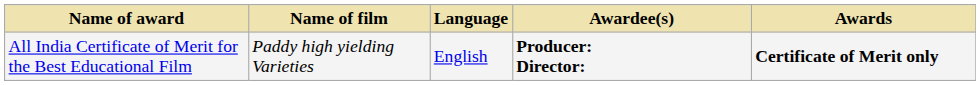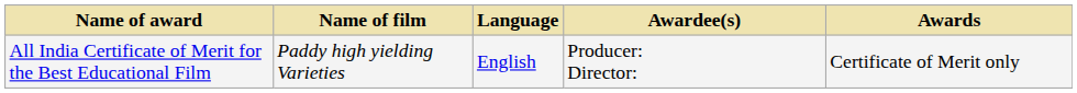 <table class="wikitable" style="width:100%">
 <tr>
 <th style="background-color:#EFE4B0;width:25.5%;">Name of award</th>
 <th style="background-color:#EFE4B0;width:19%;">Name of film</th>
 <th style="background-color:#EFE4B0;width:7%;">Language</th>
 <th style="background-color:#EFE4B0;width:25%;">Awardee(s)</th>
 <th style="background-color:#EFE4B0;width:23.5%;">Awards</th>
 </tr>
 <tr style="background-color:#F4F4F4">
 <td><a href='#'>All India Certificate of Merit for the Best Educational Film</a></td>
 <td><em>Paddy high yielding Varieties</em></td>
 <td><a href='#'>English</a></td>
-<td><strong>Producer:<br>Director:</strong></td>
-<td><strong>Certificate of Merit only</strong></td>
+<td>Producer:<br>Director:</td>
+<td>Certificate of Merit only</td>
 </tr>
 </table>
